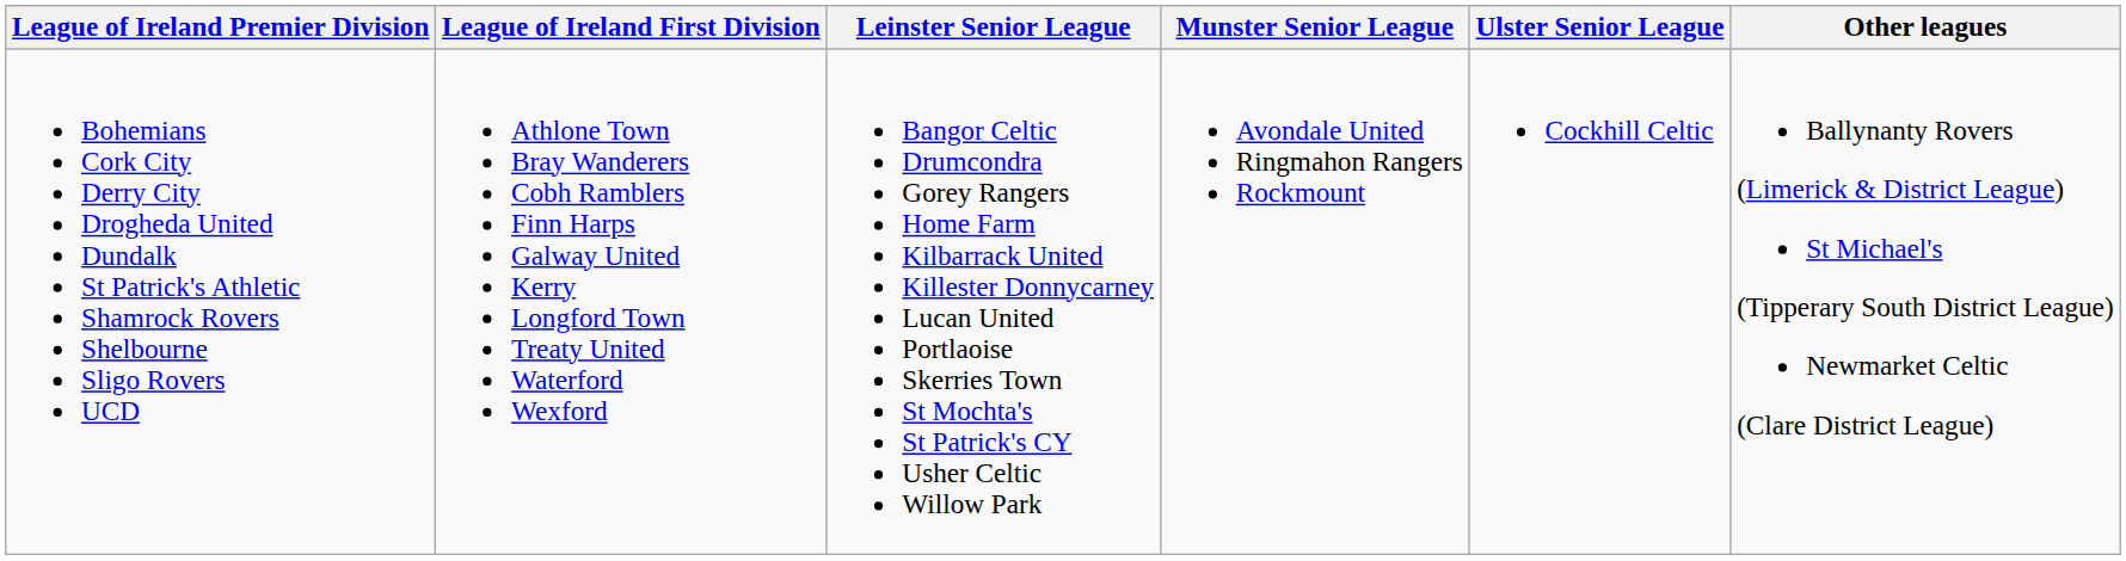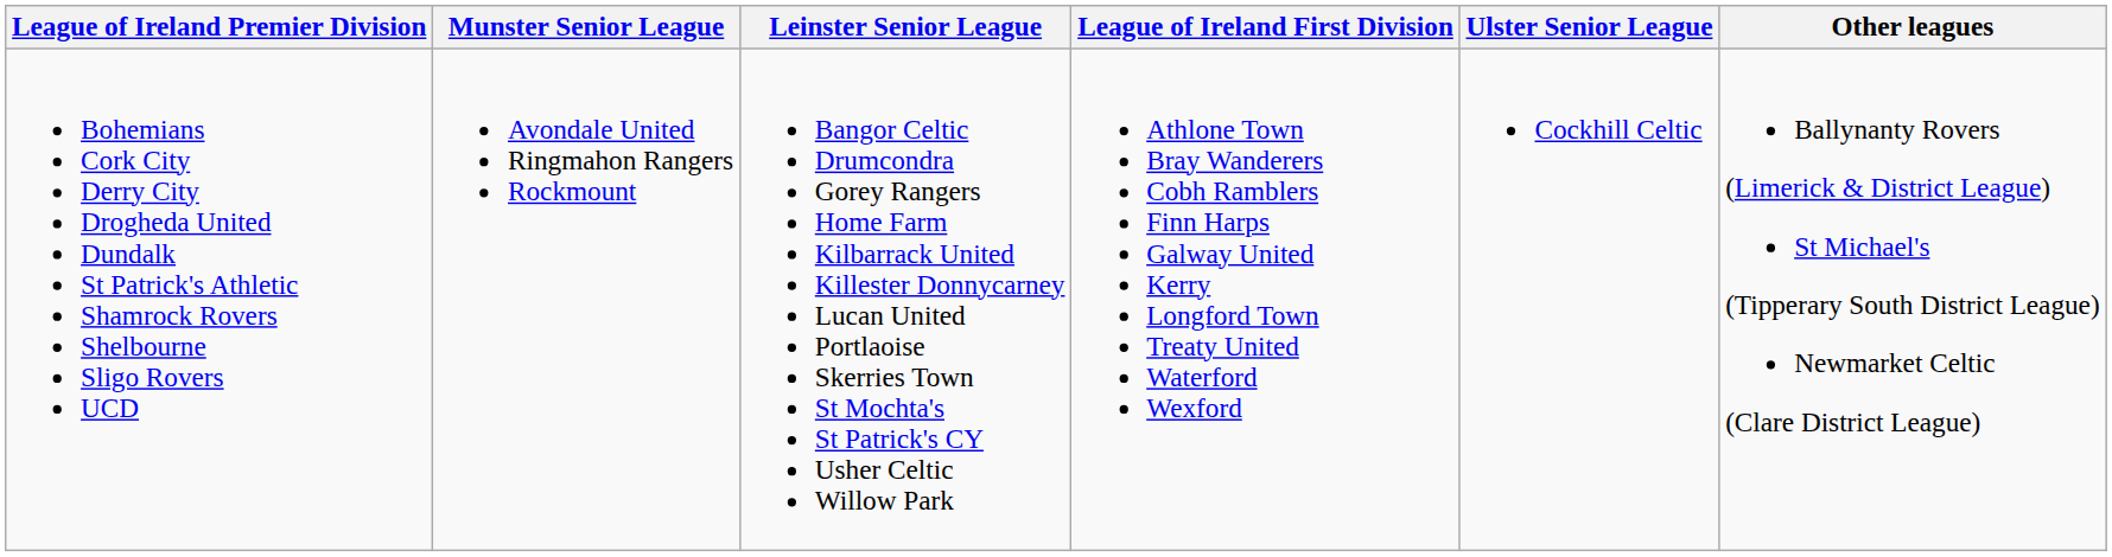 <table class="wikitable">
 <tr>
 <th><a href='#'>League of Ireland Premier Division</a></th>
+<th><a href='#'>Munster Senior League</a></th>
+<th><a href='#'>Leinster Senior League</a></th>
 <th><a href='#'>League of Ireland First Division</a></th>
-<th><a href='#'>Leinster Senior League</a></th>
-<th><a href='#'>Munster Senior League</a></th>
 <th><a href='#'>Ulster Senior League</a></th>
 <th>Other leagues</th>
 </tr>
 <tr>
 <td valign="top"><br><ul><li><a href='#'>Bohemians</a></li><li><a href='#'>Cork City</a></li><li><a href='#'>Derry City</a></li><li><a href='#'>Drogheda United</a></li><li><a href='#'>Dundalk</a></li><li><a href='#'>St Patrick's Athletic</a></li><li><a href='#'>Shamrock Rovers</a></li><li><a href='#'>Shelbourne</a></li><li><a href='#'>Sligo Rovers</a></li><li><a href='#'>UCD</a></li></ul></td>
+<td valign="top"><br><ul><li><a href='#'>Avondale United</a></li><li>Ringmahon Rangers</li><li><a href='#'>Rockmount</a></li></ul></td>
+<td valign="top"><br><ul><li><a href='#'>Bangor Celtic</a></li><li><a href='#'>Drumcondra</a></li><li>Gorey Rangers</li><li><a href='#'>Home Farm</a></li><li><a href='#'>Kilbarrack United</a></li><li><a href='#'>Killester Donnycarney</a></li><li>Lucan United</li><li>Portlaoise</li><li>Skerries Town</li><li><a href='#'>St Mochta's</a></li><li><a href='#'>St Patrick's CY</a></li><li>Usher Celtic</li><li>Willow Park</li></ul></td>
 <td valign="top"><br><ul><li><a href='#'>Athlone Town</a></li><li><a href='#'>Bray Wanderers</a></li><li><a href='#'>Cobh Ramblers</a></li><li><a href='#'>Finn Harps</a></li><li><a href='#'>Galway United</a></li><li><a href='#'>Kerry</a></li><li><a href='#'>Longford Town</a></li><li><a href='#'>Treaty United</a></li><li><a href='#'>Waterford</a></li><li><a href='#'>Wexford</a></li></ul></td>
-<td valign="top"><br><ul><li><a href='#'>Bangor Celtic</a></li><li><a href='#'>Drumcondra</a></li><li>Gorey Rangers</li><li><a href='#'>Home Farm</a></li><li><a href='#'>Kilbarrack United</a></li><li><a href='#'>Killester Donnycarney</a></li><li>Lucan United</li><li>Portlaoise</li><li>Skerries Town</li><li><a href='#'>St Mochta's</a></li><li><a href='#'>St Patrick's CY</a></li><li>Usher Celtic</li><li>Willow Park</li></ul></td>
-<td valign="top"><br><ul><li><a href='#'>Avondale United</a></li><li>Ringmahon Rangers</li><li><a href='#'>Rockmount</a></li></ul></td>
 <td valign="top"><br><ul><li><a href='#'>Cockhill Celtic</a></li></ul></td>
 <td valign="top"><br><ul><li>Ballynanty Rovers</li></ul>(<a href='#'>Limerick & District League</a>)<ul><li><a href='#'>St Michael's</a></li></ul>(Tipperary South District League)<ul><li>Newmarket Celtic</li></ul>(Clare District League)</td>
 </tr>
 </table>
